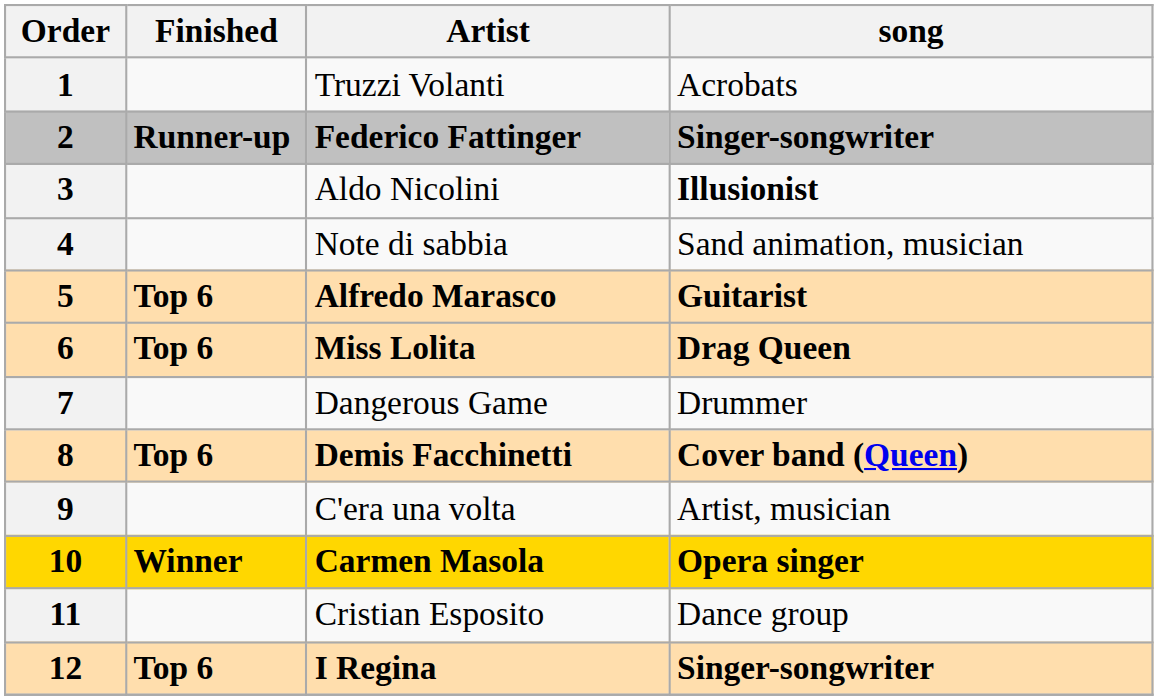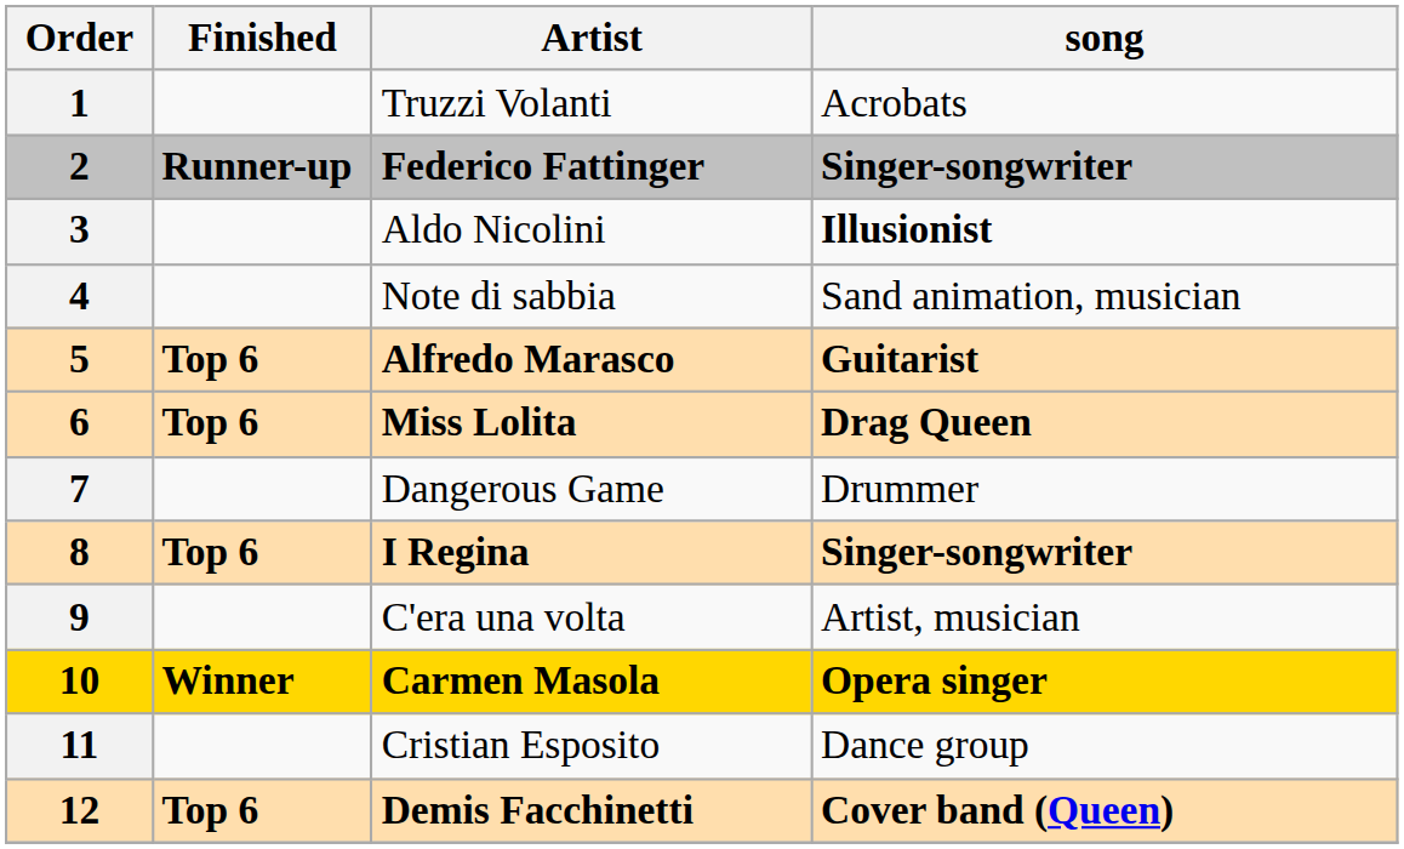 <table class="wikitable">
 <tr>
 <th width="10%">Order</th>
 <th width="15%">Finished</th>
 <th width="30%">Artist</th>
 <th width="40%">song</th>
 </tr>
 <tr>
 <th>1</th>
 <td></td>
 <td>Truzzi Volanti</td>
 <td>Acrobats</td>
 </tr>
 <tr>
 <th style="background-color:silver">2</th>
 <td style="background-color:silver"><strong>Runner-up</strong></td>
 <td style="background-color:silver"><strong>Federico Fattinger</strong></td>
 <td style="background-color:silver"><strong>Singer-songwriter</strong></td>
 </tr>
 <tr>
 <th>3</th>
 <td></td>
 <td>Aldo Nicolini</td>
 <td><strong>Illusionist</strong></td>
 </tr>
 <tr>
 <th>4</th>
 <td></td>
 <td>Note di sabbia</td>
 <td>Sand animation, musician</td>
 </tr>
 <tr>
 <th style="background-color:navajowhite;">5</th>
 <td style="background-color:navajowhite;"><strong>Top 6</strong></td>
 <td style="background-color:navajowhite;"><strong>Alfredo Marasco</strong></td>
 <td style="background-color:navajowhite;"><strong>Guitarist</strong></td>
 </tr>
 <tr>
 <th style="background-color:navajowhite;">6</th>
 <td style="background-color:navajowhite;"><strong>Top 6</strong></td>
 <td style="background-color:navajowhite;"><strong>Miss Lolita</strong></td>
 <td style="background-color:navajowhite;"><strong>Drag Queen</strong></td>
 </tr>
 <tr>
 <th>7</th>
 <td></td>
 <td>Dangerous Game</td>
 <td>Drummer</td>
 </tr>
 <tr>
 <th style="background-color:navajowhite;">8</th>
 <td style="background-color:navajowhite;"><strong>Top 6</strong></td>
-<td style="background-color:navajowhite;"><strong>Demis Facchinetti</strong></td>
-<td style="background-color:navajowhite;"><strong>Cover band (<a href='#'>Queen</a>)</strong></td>
+<td style="background-color:navajowhite;"><strong>I Regina</strong></td>
+<td style="background-color:navajowhite;"><strong>Singer-songwriter</strong></td>
 </tr>
 <tr>
 <th>9</th>
 <td></td>
 <td>C'era una volta</td>
 <td>Artist, musician</td>
 </tr>
 <tr>
 <th style="background-color:gold">10</th>
 <td style="background-color:gold"><strong>Winner</strong></td>
 <td style="background-color:gold"><strong>Carmen Masola</strong></td>
 <td style="background-color:gold"><strong>Opera singer</strong></td>
 </tr>
 <tr>
 <th>11</th>
 <td></td>
 <td>Cristian Esposito</td>
 <td>Dance group</td>
 </tr>
 <tr>
 <th style="background-color:navajowhite;">12</th>
 <td style="background-color:navajowhite;"><strong>Top 6</strong></td>
-<td style="background-color:navajowhite;"><strong>I Regina</strong></td>
-<td style="background-color:navajowhite;"><strong>Singer-songwriter</strong></td>
+<td style="background-color:navajowhite;"><strong>Demis Facchinetti</strong></td>
+<td style="background-color:navajowhite;"><strong>Cover band (<a href='#'>Queen</a>)</strong></td>
 </tr>
 <tr>
 </tr>
 </table>
